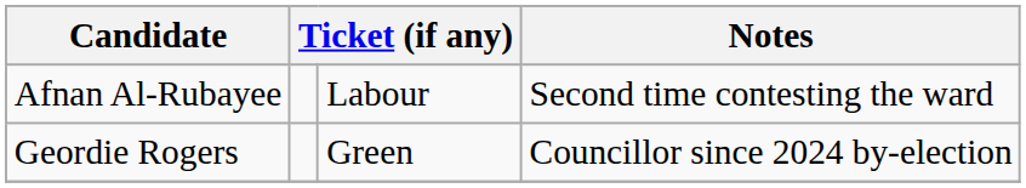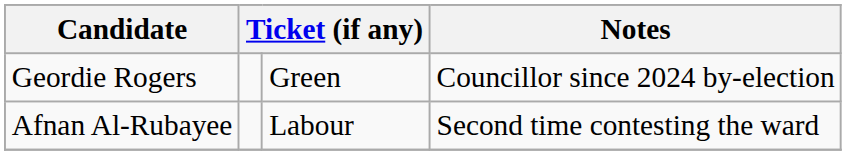 <table class="wikitable" style="font-size: 95%">
 <tr>
 <th>Candidate</th>
 <th colspan=2><a href='#'>Ticket</a> (if any)</th>
 <th>Notes</th>
+</tr>
+<tr>
+<td>Geordie Rogers</td>
+<td style="background-color:"></td>
+<td>Green</td>
+<td>Councillor since 2024 by-election</td>
 </tr>
 <tr>
 <td>Afnan Al-Rubayee</td>
 <td style="background-color:"></td>
 <td>Labour</td>
 <td>Second time contesting the ward</td>
 </tr>
 <tr>
-<td>Geordie Rogers</td>
-<td style="background-color:"></td>
-<td>Green</td>
-<td>Councillor since 2024 by-election</td>
-</tr>
-<tr>
 </tr>
 </table>
